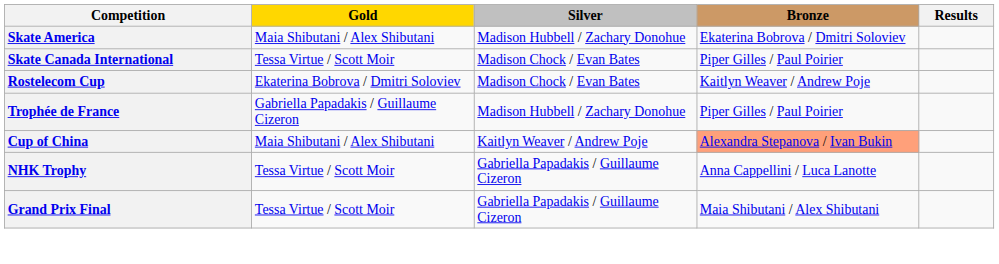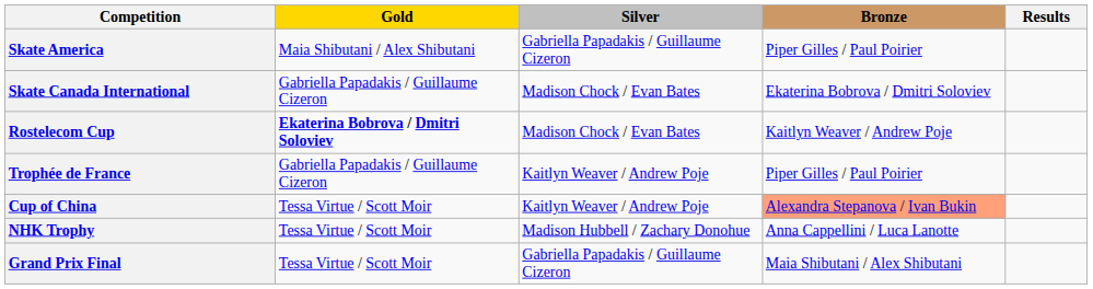 <table class="wikitable unsortable" style="text-align:left; width:90%">
 <tr>
 <th scope="col" style="text-align:center; width:25%;">Competition</th>
 <td scope="col" style="text-align:center; width:22.5%; background:gold"><strong>Gold</strong></td>
 <td scope="col" style="text-align:center; width:22.5%; background:silver"><strong>Silver</strong></td>
 <td scope="col" style="text-align:center; width:22.5%; background:#c96"><strong>Bronze</strong></td>
 <th scope="col" style="text-align:center; width:7.5%;">Results</th>
 </tr>
 <tr>
 <th scope="row" style="text-align:left"> <a href='#'>Skate America</a></th>
 <td> <a href='#'>Maia Shibutani</a> / <a href='#'>Alex Shibutani</a></td>
-<td> <a href='#'>Madison Hubbell</a> / <a href='#'>Zachary Donohue</a></td>
+<td> <a href='#'>Gabriella Papadakis</a> / <a href='#'>Guillaume Cizeron</a></td>
+<td> <a href='#'>Piper Gilles</a> / <a href='#'>Paul Poirier</a></td>
+<td></td>
+</tr>
+<tr>
+<th scope="row" style="text-align:left"> <a href='#'>Skate Canada International</a></th>
+<td> <a href='#'>Gabriella Papadakis</a> / <a href='#'>Guillaume Cizeron</a></td>
+<td> <a href='#'>Madison Chock</a> / <a href='#'>Evan Bates</a></td>
 <td> <a href='#'>Ekaterina Bobrova</a> / <a href='#'>Dmitri Soloviev</a></td>
 <td></td>
 </tr>
 <tr>
-<th scope="row" style="text-align:left"> <a href='#'>Skate Canada International</a></th>
-<td> <a href='#'>Tessa Virtue</a> / <a href='#'>Scott Moir</a></td>
-<td> <a href='#'>Madison Chock</a> / <a href='#'>Evan Bates</a></td>
-<td> <a href='#'>Piper Gilles</a> / <a href='#'>Paul Poirier</a></td>
-<td></td>
-</tr>
-<tr>
 <th scope="row" style="text-align:left"> <a href='#'>Rostelecom Cup</a></th>
-<td> <a href='#'>Ekaterina Bobrova</a> / <a href='#'>Dmitri Soloviev</a></td>
+<td><strong> <a href='#'>Ekaterina Bobrova</a> / <a href='#'>Dmitri Soloviev</a></strong></td>
 <td> <a href='#'>Madison Chock</a> / <a href='#'>Evan Bates</a></td>
 <td> <a href='#'>Kaitlyn Weaver</a> / <a href='#'>Andrew Poje</a></td>
 <td></td>
 </tr>
 <tr>
 <th scope="row" style="text-align:left"> <a href='#'>Trophée de France</a></th>
 <td> <a href='#'>Gabriella Papadakis</a> / <a href='#'>Guillaume Cizeron</a></td>
-<td> <a href='#'>Madison Hubbell</a> / <a href='#'>Zachary Donohue</a></td>
+<td> <a href='#'>Kaitlyn Weaver</a> / <a href='#'>Andrew Poje</a></td>
 <td> <a href='#'>Piper Gilles</a> / <a href='#'>Paul Poirier</a></td>
 <td></td>
 </tr>
 <tr>
 <th scope="row" style="text-align:left"> <a href='#'>Cup of China</a></th>
-<td> <a href='#'>Maia Shibutani</a> / <a href='#'>Alex Shibutani</a></td>
+<td> <a href='#'>Tessa Virtue</a> / <a href='#'>Scott Moir</a></td>
 <td> <a href='#'>Kaitlyn Weaver</a> / <a href='#'>Andrew Poje</a></td>
 <td style="background: lightsalmon;"> <a href='#'>Alexandra Stepanova</a> / <a href='#'>Ivan Bukin</a></td>
 <td></td>
 </tr>
 <tr>
 <th scope="row" style="text-align:left"> <a href='#'>NHK Trophy</a></th>
 <td> <a href='#'>Tessa Virtue</a> / <a href='#'>Scott Moir</a></td>
-<td> <a href='#'>Gabriella Papadakis</a> / <a href='#'>Guillaume Cizeron</a></td>
+<td> <a href='#'>Madison Hubbell</a> / <a href='#'>Zachary Donohue</a></td>
 <td> <a href='#'>Anna Cappellini</a> / <a href='#'>Luca Lanotte</a></td>
 <td></td>
 </tr>
 <tr>
 <th scope="row" style="text-align:left"> <a href='#'>Grand Prix Final</a></th>
 <td> <a href='#'>Tessa Virtue</a> / <a href='#'>Scott Moir</a></td>
 <td> <a href='#'>Gabriella Papadakis</a> / <a href='#'>Guillaume Cizeron</a></td>
 <td> <a href='#'>Maia Shibutani</a> / <a href='#'>Alex Shibutani</a></td>
 <td></td>
 </tr>
 </table>
